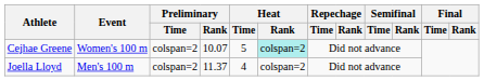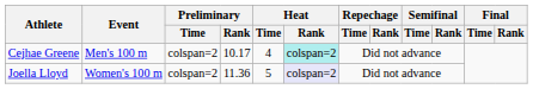 <table class="wikitable" style="font-size:90%">
 <tr>
 <th rowspan=2>Athlete</th>
 <th rowspan=2>Event</th>
 <th colspan=2>Preliminary</th>
 <th colspan=2>Heat</th>
 <th colspan=2>Repechage</th>
 <th colspan=2>Semifinal</th>
 <th colspan=2>Final</th>
 </tr>
 <tr style=font-size:95%>
 <th>Time</th>
 <th>Rank</th>
 <th>Time</th>
 <th>Rank</th>
 <th>Time</th>
 <th>Rank</th>
 <th>Time</th>
 <th>Rank</th>
 <th>Time</th>
 <th>Rank</th>
 </tr>
 <tr align=center>
 <td align=left><a href='#'>Cejhae Greene</a></td>
-<td align=left><a href='#'>Women's 100 m</a></td>
+<td align=left><a href='#'>Men's 100 m</a></td>
 <td>colspan=2 </td>
-<td>10.07</td>
-<td>5</td>
+<td>10.17</td>
+<td>4</td>
 <td style="background: paleturquoise;">colspan=2 </td>
 <td Colspan=4>Did not advance</td>
 </tr>
 <tr align=center>
 <td align=left><a href='#'>Joella Lloyd</a></td>
-<td align=left><a href='#'>Men's 100 m</a></td>
+<td align=left><a href='#'>Women's 100 m</a></td>
 <td>colspan=2 </td>
-<td>11.37</td>
-<td>4</td>
-<td>colspan=2 </td>
+<td>11.36</td>
+<td>5</td>
+<td style="background: lavender;">colspan=2 </td>
 <td Colspan=4>Did not advance</td>
 </tr>
 </table>
